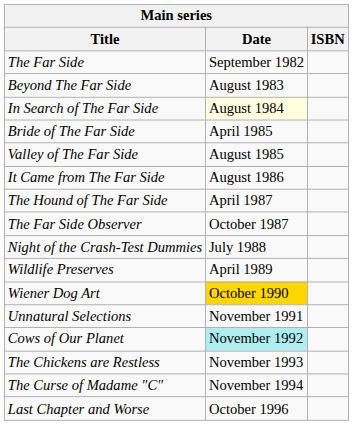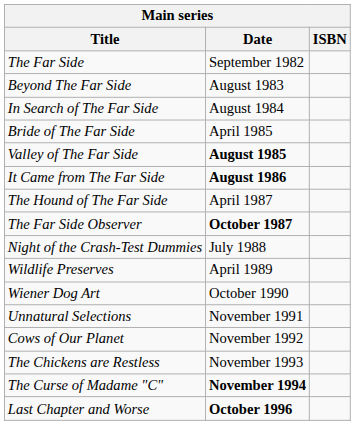 <table class="wikitable collapsible">
 <tr>
 <th colspan=3>Main series</th>
 </tr>
 <tr>
 <th>Title</th>
 <th>Date</th>
 <th>ISBN</th>
 </tr>
 <tr>
 <td><em>The Far Side</em></td>
 <td>September 1982</td>
 <td></td>
 </tr>
 <tr>
 <td><em>Beyond The Far Side</em></td>
 <td>August 1983</td>
 <td></td>
 </tr>
 <tr>
 <td><em>In Search of The Far Side</em></td>
-<td style="background: lightyellow;">August 1984</td>
+<td>August 1984</td>
 <td></td>
 </tr>
 <tr>
 <td><em>Bride of The Far Side</em></td>
 <td>April 1985</td>
 <td></td>
 </tr>
 <tr>
 <td><em>Valley of The Far Side</em></td>
-<td>August 1985</td>
+<td><strong>August 1985</strong></td>
 <td></td>
 </tr>
 <tr>
 <td><em>It Came from The Far Side</em></td>
-<td>August 1986</td>
+<td><strong>August 1986</strong></td>
 <td></td>
 </tr>
 <tr>
 <td><em>The Hound of The Far Side</em></td>
 <td>April 1987</td>
 <td></td>
 </tr>
 <tr>
 <td><em>The Far Side Observer</em></td>
-<td>October 1987</td>
+<td><strong>October 1987</strong></td>
 <td></td>
 </tr>
 <tr>
 <td><em>Night of the Crash-Test Dummies</em></td>
 <td>July 1988</td>
 <td></td>
 </tr>
 <tr>
 <td><em>Wildlife Preserves</em></td>
 <td>April 1989</td>
 <td></td>
 </tr>
 <tr>
 <td><em>Wiener Dog Art</em></td>
-<td style="background: gold;">October 1990</td>
+<td>October 1990</td>
 <td></td>
 </tr>
 <tr>
 <td><em>Unnatural Selections</em></td>
 <td>November 1991</td>
 <td></td>
 </tr>
 <tr>
 <td><em>Cows of Our Planet</em></td>
-<td style="background: paleturquoise;">November 1992</td>
+<td>November 1992</td>
 <td></td>
 </tr>
 <tr>
 <td><em>The Chickens are Restless</em></td>
 <td>November 1993</td>
 <td></td>
 </tr>
 <tr>
 <td><em>The Curse of Madame "C"</em></td>
-<td>November 1994</td>
+<td><strong>November 1994</strong></td>
 <td></td>
 </tr>
 <tr>
 <td><em>Last Chapter and Worse</em></td>
-<td>October 1996</td>
+<td><strong>October 1996</strong></td>
 <td></td>
 </tr>
 </table>
